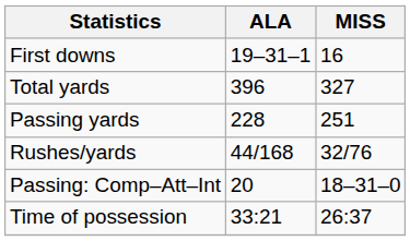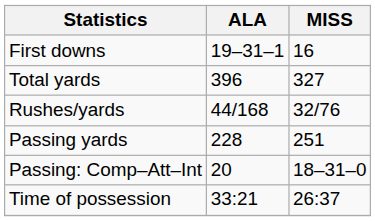 <table class="wikitable" style="float: left;">
 <tr>
 <th>Statistics</th>
 <th>ALA</th>
 <th>MISS</th>
 </tr>
 <tr>
 <td>First downs</td>
 <td>19–31–1</td>
 <td>16</td>
 </tr>
 <tr>
 <td>Total yards</td>
 <td>396</td>
 <td>327</td>
 </tr>
 <tr>
+<td>Rushes/yards</td>
+<td>44/168</td>
+<td>32/76</td>
+</tr>
+<tr>
 <td>Passing yards</td>
 <td>228</td>
 <td>251</td>
-</tr>
-<tr>
-<td>Rushes/yards</td>
-<td>44/168</td>
-<td>32/76</td>
 </tr>
 <tr>
 <td>Passing: Comp–Att–Int</td>
 <td>20</td>
 <td>18–31–0</td>
 </tr>
 <tr>
 <td>Time of possession</td>
 <td>33:21</td>
 <td>26:37</td>
 </tr>
 <tr>
 </tr>
 </table>
